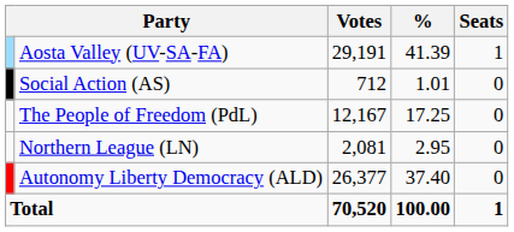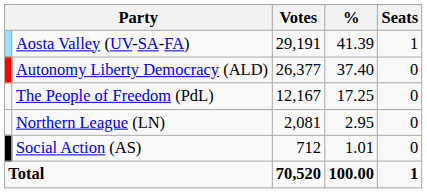 <table class=wikitable style="text-align:right">
 <tr>
 <th colspan=2>Party</th>
 <th>Votes</th>
 <th>%</th>
 <th>Seats</th>
 </tr>
 <tr>
 <td bgcolor="#9BDDFF"></td>
 <td align="left"><a href='#'>Aosta Valley</a> (<a href='#'>UV</a>-<a href='#'>SA</a>-<a href='#'>FA</a>)</td>
 <td align="right">29,191</td>
 <td align="right">41.39</td>
 <td align="right">1</td>
 </tr>
 <tr>
-<td bgcolor="black"></td>
-<td align="left"><a href='#'>Social Action</a> (AS)</td>
-<td align="right">712</td>
-<td align="right">1.01</td>
+<td bgcolor="red"></td>
+<td align="left"><a href='#'>Autonomy Liberty Democracy</a> (ALD)</td>
+<td align="right">26,377</td>
+<td align="right">37.40</td>
 <td align="right">0</td>
 </tr>
 <tr>
 <td></td>
 <td align="left"><a href='#'>The People of Freedom</a> (PdL)</td>
 <td align="right">12,167</td>
 <td align="right">17.25</td>
 <td align="right">0</td>
 </tr>
 <tr>
 <td></td>
 <td align="left"><a href='#'>Northern League</a> (LN)</td>
 <td align="right">2,081</td>
 <td align="right">2.95</td>
 <td align="right">0</td>
 </tr>
 <tr>
-<td bgcolor="red"></td>
-<td align="left"><a href='#'>Autonomy Liberty Democracy</a> (ALD)</td>
-<td align="right">26,377</td>
-<td align="right">37.40</td>
+<td bgcolor="black"></td>
+<td align="left"><a href='#'>Social Action</a> (AS)</td>
+<td align="right">712</td>
+<td align="right">1.01</td>
 <td align="right">0</td>
 </tr>
 <tr>
 <td align="left" colspan=2><strong>Total</strong></td>
 <td align="right"><strong>70,520 </strong></td>
 <td align="right"><strong>100.00</strong></td>
 <td align="right"><strong>1</strong></td>
 </tr>
 </table>
